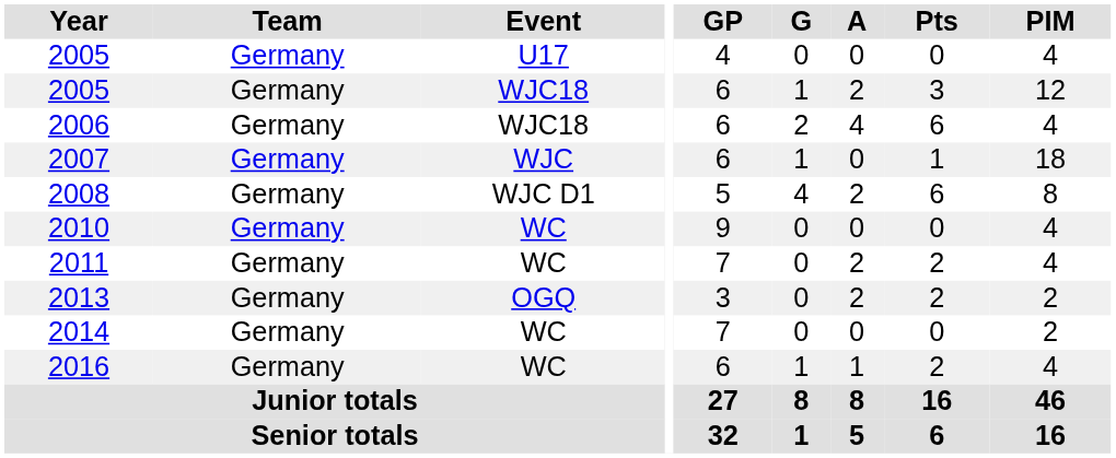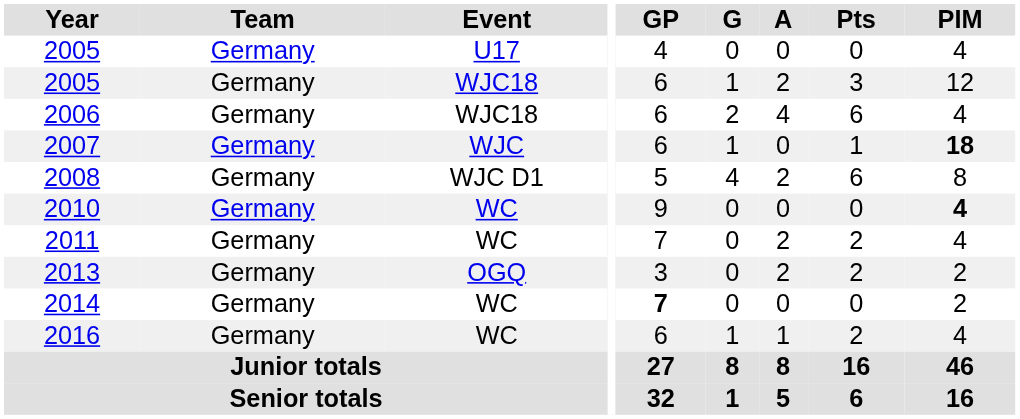 <table border="0" cellpadding="1" cellspacing="0" ID="Table3" style="text-align:center; width:40em">
 <tr ALIGN="center" bgcolor="#e0e0e0">
 <th>Year</th>
 <th>Team</th>
 <th>Event</th>
 <th rowspan="99" bgcolor="#ffffff"></th>
 <th>GP</th>
 <th>G</th>
 <th>A</th>
 <th>Pts</th>
 <th>PIM</th>
 </tr>
 <tr>
 <td><a href='#'>2005</a></td>
 <td><a href='#'>Germany</a></td>
 <td><a href='#'>U17</a></td>
 <td>4</td>
 <td>0</td>
 <td>0</td>
 <td>0</td>
 <td>4</td>
 </tr>
 <tr bgcolor="#f0f0f0">
 <td><a href='#'>2005</a></td>
 <td>Germany</td>
 <td><a href='#'>WJC18</a></td>
 <td>6</td>
 <td>1</td>
 <td>2</td>
 <td>3</td>
 <td>12</td>
 </tr>
 <tr>
 <td><a href='#'>2006</a></td>
 <td>Germany</td>
 <td>WJC18</td>
 <td>6</td>
 <td>2</td>
 <td>4</td>
 <td>6</td>
 <td>4</td>
 </tr>
 <tr bgcolor="#f0f0f0">
 <td><a href='#'>2007</a></td>
 <td><a href='#'>Germany</a></td>
 <td><a href='#'>WJC</a></td>
 <td>6</td>
 <td>1</td>
 <td>0</td>
 <td>1</td>
-<td>18</td>
+<td><strong>18</strong></td>
 </tr>
 <tr>
 <td><a href='#'>2008</a></td>
 <td>Germany</td>
 <td>WJC D1</td>
 <td>5</td>
 <td>4</td>
 <td>2</td>
 <td>6</td>
 <td>8</td>
 </tr>
 <tr bgcolor="#f0f0f0">
 <td><a href='#'>2010</a></td>
 <td><a href='#'>Germany</a></td>
 <td><a href='#'>WC</a></td>
 <td>9</td>
 <td>0</td>
 <td>0</td>
 <td>0</td>
-<td>4</td>
+<td><strong>4</strong></td>
 </tr>
 <tr>
 <td><a href='#'>2011</a></td>
 <td>Germany</td>
 <td>WC</td>
 <td>7</td>
 <td>0</td>
 <td>2</td>
 <td>2</td>
 <td>4</td>
 </tr>
 <tr bgcolor="#f0f0f0">
 <td><a href='#'>2013</a></td>
 <td>Germany</td>
 <td><a href='#'>OGQ</a></td>
 <td>3</td>
 <td>0</td>
 <td>2</td>
 <td>2</td>
 <td>2</td>
 </tr>
 <tr>
 <td><a href='#'>2014</a></td>
 <td>Germany</td>
 <td>WC</td>
-<td>7</td>
+<td><strong>7</strong></td>
 <td>0</td>
 <td>0</td>
 <td>0</td>
 <td>2</td>
 </tr>
 <tr bgcolor="#f0f0f0">
 <td><a href='#'>2016</a></td>
 <td>Germany</td>
 <td>WC</td>
 <td>6</td>
 <td>1</td>
 <td>1</td>
 <td>2</td>
 <td>4</td>
 </tr>
 <tr bgcolor="#e0e0e0">
 <th colspan="3">Junior totals</th>
 <th>27</th>
 <th>8</th>
 <th>8</th>
 <th>16</th>
 <th>46</th>
 </tr>
 <tr bgcolor="#e0e0e0">
 <th colspan="3">Senior totals</th>
 <th>32</th>
 <th>1</th>
 <th>5</th>
 <th>6</th>
 <th>16</th>
 </tr>
 </table>
